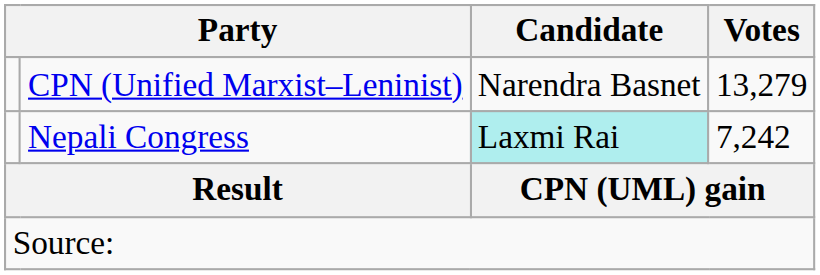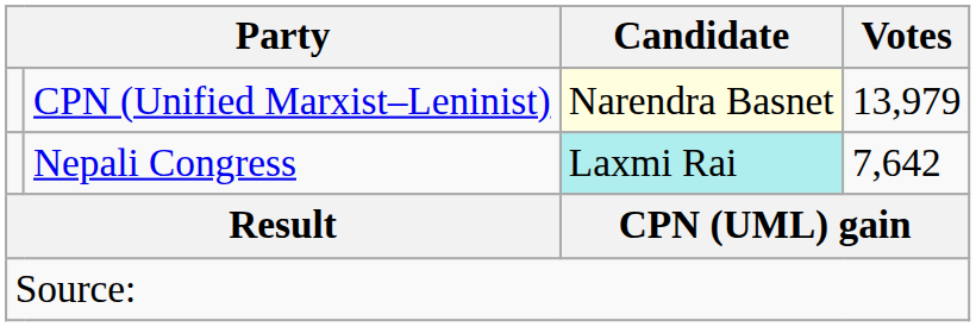 <table class="wikitable">
 <tr>
 <th colspan="2">Party</th>
 <th>Candidate</th>
 <th>Votes</th>
 </tr>
 <tr>
 <td style="background-color:"></td>
 <td><a href='#'>CPN (Unified Marxist–Leninist)</a></td>
-<td>Narendra Basnet</td>
-<td>13,279</td>
+<td style="background: lightyellow;">Narendra Basnet</td>
+<td>13,979</td>
 </tr>
 <tr>
 <td style="background-color:"></td>
 <td><a href='#'>Nepali Congress</a></td>
 <td style="background: paleturquoise;">Laxmi Rai</td>
-<td>7,242</td>
+<td>7,642</td>
 </tr>
 <tr>
 <th colspan="2">Result</th>
 <th colspan="2">CPN (UML) gain</th>
 </tr>
 <tr>
 <td colspan="4">Source: </td>
 </tr>
 </table>
